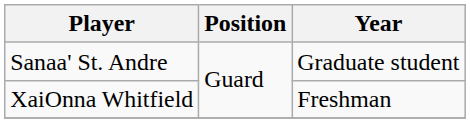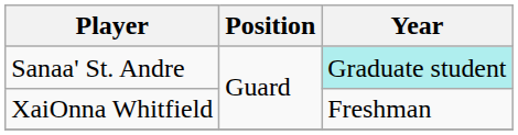 <table class="wikitable" border="1">
 <tr align=center>
 <th style= >Player</th>
 <th style= >Position</th>
 <th style= >Year</th>
 </tr>
 <tr>
 <td>Sanaa' St. Andre</td>
 <td rowspan=2>Guard</td>
-<td>Graduate student</td>
+<td style="background: paleturquoise;">Graduate student</td>
 </tr>
 <tr>
 <td>XaiOnna Whitfield</td>
 <td>Freshman</td>
 </tr>
 <tr>
 </tr>
 </table>
